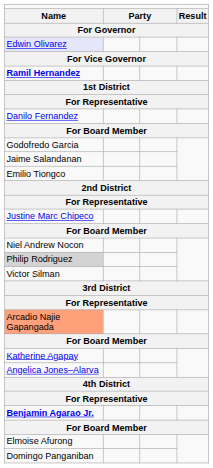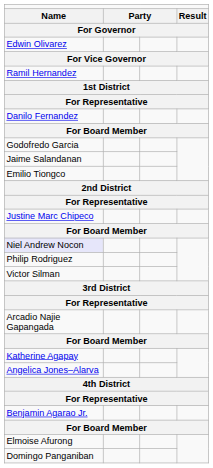 <table class="wikitable" style="font-size:90%">
 <tr>
 <td colspan="4" style="color:inherit;background:"></td>
 </tr>
 <tr>
 <th width="150px">Name</th>
 <th colspan="2" width="110px">Party</th>
 <th>Result</th>
 </tr>
 <tr>
 <th colspan="4">For Governor</th>
 </tr>
 <tr>
-<td style="background: lavender;"><a href='#'>Edwin Olivarez</a></td>
+<td><a href='#'>Edwin Olivarez</a></td>
 <td></td>
 <td></td>
 </tr>
 <tr>
 <th colspan="4">For Vice Governor</th>
 </tr>
 <tr>
-<td><strong><a href='#'>Ramil Hernandez</a></strong></td>
+<td><a href='#'>Ramil Hernandez</a></td>
 <td></td>
 <td></td>
 </tr>
 <tr>
 <th colspan="4">1st District</th>
 </tr>
 <tr>
 <th colspan="4">For Representative</th>
 </tr>
 <tr>
 <td><a href='#'>Danilo Fernandez</a></td>
 <td></td>
 <td></td>
 </tr>
 <tr>
 <th colspan="4">For Board Member</th>
 </tr>
 <tr>
 <td>Godofredo Garcia</td>
 <td></td>
 <td></td>
 </tr>
 <tr>
 <td>Jaime Salandanan</td>
 <td></td>
 <td></td>
 </tr>
 <tr>
 <td>Emilio Tiongco</td>
 <td></td>
 <td></td>
 </tr>
 <tr>
 <th colspan="4">2nd District</th>
 </tr>
 <tr>
 <th colspan="4">For Representative</th>
 </tr>
 <tr>
 <td><a href='#'>Justine Marc Chipeco</a></td>
 <td></td>
 <td></td>
 </tr>
 <tr>
 <th colspan="4">For Board Member</th>
 </tr>
 <tr>
-<td>Niel Andrew Nocon</td>
+<td style="background: lavender;">Niel Andrew Nocon</td>
 <td></td>
 <td></td>
 </tr>
 <tr>
-<td style="background: lightgrey;">Philip Rodriguez</td>
+<td>Philip Rodriguez</td>
 <td></td>
 <td></td>
 </tr>
 <tr>
 <td>Victor Silman</td>
 <td></td>
 <td></td>
 </tr>
 <tr>
 <th colspan="4">3rd District</th>
 </tr>
 <tr>
 <th colspan="4">For Representative</th>
 </tr>
 <tr>
-<td style="background: lightsalmon;">Arcadio Najie Gapangada</td>
+<td>Arcadio Najie Gapangada</td>
 <td></td>
 <td></td>
 </tr>
 <tr>
 <th colspan="4">For Board Member</th>
 </tr>
 <tr>
 <td><a href='#'>Katherine Agapay</a></td>
 <td></td>
 <td></td>
 </tr>
 <tr>
 <td><a href='#'>Angelica Jones–Alarva</a></td>
 <td></td>
 <td></td>
 </tr>
 <tr>
 <th colspan="4">4th District</th>
 </tr>
 <tr>
 <th colspan="4">For Representative</th>
 </tr>
 <tr>
-<td><strong><a href='#'>Benjamin Agarao Jr.</a></strong></td>
+<td><a href='#'>Benjamin Agarao Jr.</a></td>
 <td></td>
 <td></td>
 </tr>
 <tr>
 <th colspan="4">For Board Member</th>
 </tr>
 <tr>
 <td>Elmoise Afurong</td>
 <td></td>
 <td></td>
 </tr>
 <tr>
 <td>Domingo Panganiban</td>
 <td></td>
 <td></td>
 </tr>
 </table>
